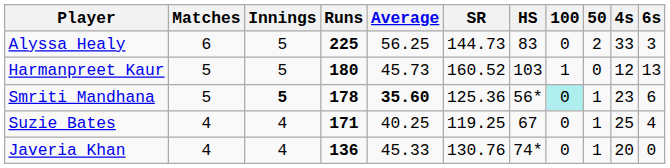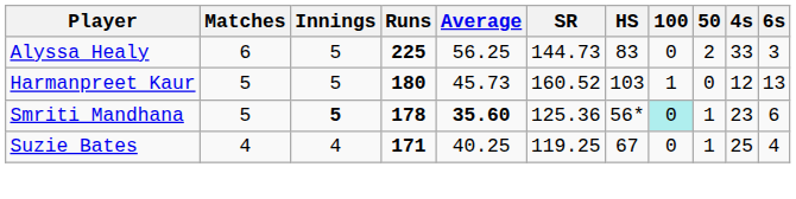 <table class="wikitable" style="text-align: center;">
 <tr>
 <th>Player</th>
 <th>Matches</th>
 <th>Innings</th>
 <th>Runs</th>
 <th><a href='#'>Average</a></th>
 <th>SR</th>
 <th>HS</th>
 <th>100</th>
 <th>50</th>
 <th>4s</th>
 <th>6s</th>
 </tr>
 <tr>
 <td style="text-align:left"> <a href='#'>Alyssa Healy</a></td>
 <td>6</td>
 <td>5</td>
 <td><strong>225</strong></td>
 <td>56.25</td>
 <td>144.73</td>
 <td>83</td>
 <td>0</td>
 <td>2</td>
 <td>33</td>
 <td>3</td>
 </tr>
 <tr>
 <td style="text-align:left"> <a href='#'>Harmanpreet Kaur</a></td>
 <td>5</td>
 <td>5</td>
 <td><strong>180</strong></td>
 <td>45.73</td>
 <td>160.52</td>
 <td>103</td>
 <td>1</td>
 <td>0</td>
 <td>12</td>
 <td>13</td>
 </tr>
 <tr>
 <td style="text-align:left"> <a href='#'>Smriti Mandhana</a></td>
 <td>5</td>
 <td><strong>5</strong></td>
 <td><strong>178</strong></td>
 <td><strong>35.60</strong></td>
 <td>125.36</td>
 <td>56*</td>
 <td style="background: paleturquoise;">0</td>
 <td>1</td>
 <td>23</td>
 <td>6</td>
 </tr>
 <tr>
 <td style="text-align:left"> <a href='#'>Suzie Bates</a></td>
 <td>4</td>
 <td>4</td>
 <td><strong>171</strong></td>
 <td>40.25</td>
 <td>119.25</td>
 <td>67</td>
 <td>0</td>
 <td>1</td>
 <td>25</td>
 <td>4</td>
 </tr>
-<tr>
-<td style="text-align:left"> <a href='#'>Javeria Khan</a></td>
-<td>4</td>
-<td>4</td>
-<td><strong>136</strong></td>
-<td>45.33</td>
-<td>130.76</td>
-<td>74*</td>
-<td>0</td>
-<td>1</td>
-<td>20</td>
-<td>0</td>
-</tr>
 </table>
